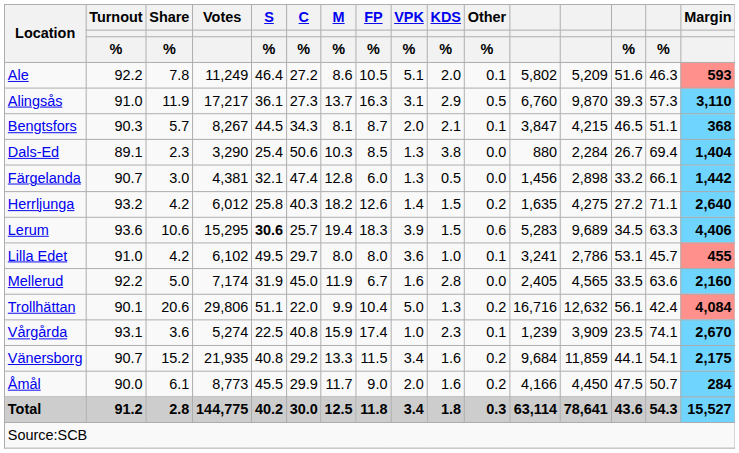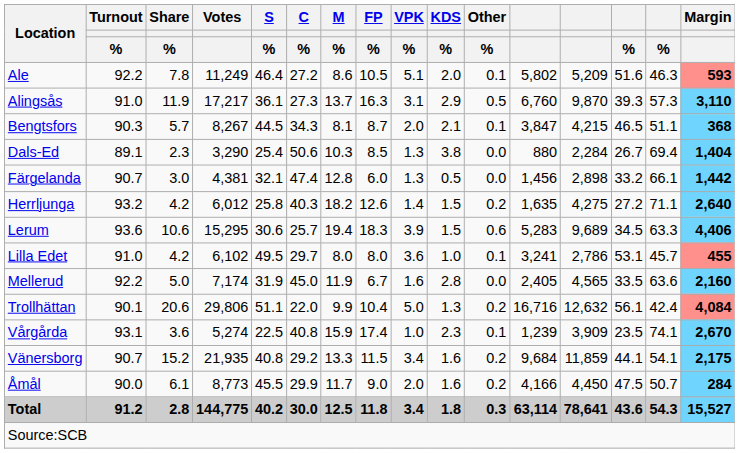 <table class="wikitable sortable" style="text-align:right; font-size:95%; line-height:20px;">
 <tr>
 <th rowspan="3">Location</th>
 <th>Turnout</th>
 <th>Share</th>
 <th>Votes</th>
 <th width="30px" class="unsortable"><a href='#'>S</a></th>
 <th width="30px" class="unsortable"><a href='#'>C</a></th>
 <th width="30px" class="unsortable"><a href='#'>M</a></th>
 <th width="30px" class="unsortable"><a href='#'>FP</a></th>
 <th width="30px" class="unsortable"><a href='#'>VPK</a></th>
 <th width="30px" class="unsortable"><a href='#'>KDS</a></th>
 <th width="30px" class="unsortable">Other</th>
 <th></th>
 <th></th>
 <th></th>
 <th></th>
 <th>Margin</th>
 </tr>
 <tr>
 <th></th>
 <th></th>
 <th></th>
 <th style="background:"></th>
 <th style="background:"></th>
 <th style="background:"></th>
 <th style="background:"></th>
 <th style="background:"></th>
 <th style="background:"></th>
 <th style="background:"></th>
 <th style="background:"></th>
 <th style="background:"></th>
 <th style="background:"></th>
 <th style="background:"></th>
 <th></th>
 </tr>
 <tr>
 <th data-sort-type="number">%</th>
 <th data-sort-type="number">%</th>
 <th></th>
 <th data-sort-type="number">%</th>
 <th data-sort-type="number">%</th>
 <th data-sort-type="number">%</th>
 <th data-sort-type="number">%</th>
 <th data-sort-type="number">%</th>
 <th data-sort-type="number">%</th>
 <th data-sort-type="number">%</th>
 <th data-sort-type="number"></th>
 <th data-sort-type="number"></th>
 <th data-sort-type="number">%</th>
 <th data-sort-type="number">%</th>
 <th data-sort-type="number"></th>
 </tr>
 <tr>
 <td align=left><a href='#'>Ale</a></td>
 <td>92.2</td>
 <td>7.8</td>
 <td>11,249</td>
 <td>46.4</td>
 <td>27.2</td>
 <td>8.6</td>
 <td>10.5</td>
 <td>5.1</td>
 <td>2.0</td>
 <td>0.1</td>
 <td>5,802</td>
 <td>5,209</td>
 <td>51.6</td>
 <td>46.3</td>
 <td bgcolor=#ff908c><strong>593</strong></td>
 </tr>
 <tr>
 <td align=left><a href='#'>Alingsås</a></td>
 <td>91.0</td>
 <td>11.9</td>
 <td>17,217</td>
 <td>36.1</td>
 <td>27.3</td>
 <td>13.7</td>
 <td>16.3</td>
 <td>3.1</td>
 <td>2.9</td>
 <td>0.5</td>
 <td>6,760</td>
 <td>9,870</td>
 <td>39.3</td>
 <td>57.3</td>
 <td bgcolor=#6fd5fe><strong>3,110</strong></td>
 </tr>
 <tr>
 <td align=left><a href='#'>Bengtsfors</a></td>
 <td>90.3</td>
 <td>5.7</td>
 <td>8,267</td>
 <td>44.5</td>
 <td>34.3</td>
 <td>8.1</td>
 <td>8.7</td>
 <td>2.0</td>
 <td>2.1</td>
 <td>0.1</td>
 <td>3,847</td>
 <td>4,215</td>
 <td>46.5</td>
 <td>51.1</td>
 <td bgcolor=#6fd5fe><strong>368</strong></td>
 </tr>
 <tr>
 <td align=left><a href='#'>Dals-Ed</a></td>
 <td>89.1</td>
 <td>2.3</td>
 <td>3,290</td>
 <td>25.4</td>
 <td>50.6</td>
 <td>10.3</td>
 <td>8.5</td>
 <td>1.3</td>
 <td>3.8</td>
 <td>0.0</td>
 <td>880</td>
 <td>2,284</td>
 <td>26.7</td>
 <td>69.4</td>
 <td bgcolor=#6fd5fe><strong>1,404</strong></td>
 </tr>
 <tr>
 <td align=left><a href='#'>Färgelanda</a></td>
 <td>90.7</td>
 <td>3.0</td>
 <td>4,381</td>
 <td>32.1</td>
 <td>47.4</td>
 <td>12.8</td>
 <td>6.0</td>
 <td>1.3</td>
 <td>0.5</td>
 <td>0.0</td>
 <td>1,456</td>
 <td>2,898</td>
 <td>33.2</td>
 <td>66.1</td>
 <td bgcolor=#6fd5fe><strong>1,442</strong></td>
 </tr>
 <tr>
 <td align=left><a href='#'>Herrljunga</a></td>
 <td>93.2</td>
 <td>4.2</td>
 <td>6,012</td>
 <td>25.8</td>
 <td>40.3</td>
 <td>18.2</td>
 <td>12.6</td>
 <td>1.4</td>
 <td>1.5</td>
 <td>0.2</td>
 <td>1,635</td>
 <td>4,275</td>
 <td>27.2</td>
 <td>71.1</td>
 <td bgcolor=#6fd5fe><strong>2,640</strong></td>
 </tr>
 <tr>
 <td align=left><a href='#'>Lerum</a></td>
 <td>93.6</td>
 <td>10.6</td>
 <td>15,295</td>
-<td><strong>30.6</strong></td>
+<td>30.6</td>
 <td>25.7</td>
 <td>19.4</td>
 <td>18.3</td>
 <td>3.9</td>
 <td>1.5</td>
 <td>0.6</td>
 <td>5,283</td>
 <td>9,689</td>
 <td>34.5</td>
 <td>63.3</td>
 <td bgcolor=#6fd5fe><strong>4,406</strong></td>
 </tr>
 <tr>
 <td align=left><a href='#'>Lilla Edet</a></td>
 <td>91.0</td>
 <td>4.2</td>
 <td>6,102</td>
 <td>49.5</td>
 <td>29.7</td>
 <td>8.0</td>
 <td>8.0</td>
 <td>3.6</td>
 <td>1.0</td>
 <td>0.1</td>
 <td>3,241</td>
 <td>2,786</td>
 <td>53.1</td>
 <td>45.7</td>
 <td bgcolor=#ff908c><strong>455</strong></td>
 </tr>
 <tr>
 <td align=left><a href='#'>Mellerud</a></td>
 <td>92.2</td>
 <td>5.0</td>
 <td>7,174</td>
 <td>31.9</td>
 <td>45.0</td>
 <td>11.9</td>
 <td>6.7</td>
 <td>1.6</td>
 <td>2.8</td>
 <td>0.0</td>
 <td>2,405</td>
 <td>4,565</td>
 <td>33.5</td>
 <td>63.6</td>
 <td bgcolor=#6fd5fe><strong>2,160</strong></td>
 </tr>
 <tr>
 <td align=left><a href='#'>Trollhättan</a></td>
 <td>90.1</td>
 <td>20.6</td>
 <td>29,806</td>
 <td>51.1</td>
 <td>22.0</td>
 <td>9.9</td>
 <td>10.4</td>
 <td>5.0</td>
 <td>1.3</td>
 <td>0.2</td>
 <td>16,716</td>
 <td>12,632</td>
 <td>56.1</td>
 <td>42.4</td>
 <td bgcolor=#ff908c><strong>4,084</strong></td>
 </tr>
 <tr>
 <td align=left><a href='#'>Vårgårda</a></td>
 <td>93.1</td>
 <td>3.6</td>
 <td>5,274</td>
 <td>22.5</td>
 <td>40.8</td>
 <td>15.9</td>
 <td>17.4</td>
 <td>1.0</td>
 <td>2.3</td>
 <td>0.1</td>
 <td>1,239</td>
 <td>3,909</td>
 <td>23.5</td>
 <td>74.1</td>
 <td bgcolor=#6fd5fe><strong>2,670</strong></td>
 </tr>
 <tr>
 <td align=left><a href='#'>Vänersborg</a></td>
 <td>90.7</td>
 <td>15.2</td>
 <td>21,935</td>
 <td>40.8</td>
 <td>29.2</td>
 <td>13.3</td>
 <td>11.5</td>
 <td>3.4</td>
 <td>1.6</td>
 <td>0.2</td>
 <td>9,684</td>
 <td>11,859</td>
 <td>44.1</td>
 <td>54.1</td>
 <td bgcolor=#6fd5fe><strong>2,175</strong></td>
 </tr>
 <tr>
 <td align=left><a href='#'>Åmål</a></td>
 <td>90.0</td>
 <td>6.1</td>
 <td>8,773</td>
 <td>45.5</td>
 <td>29.9</td>
 <td>11.7</td>
 <td>9.0</td>
 <td>2.0</td>
 <td>1.6</td>
 <td>0.2</td>
 <td>4,166</td>
 <td>4,450</td>
 <td>47.5</td>
 <td>50.7</td>
 <td bgcolor=#6fd5fe><strong>284</strong></td>
 </tr>
 <tr style="background:#CDCDCD;">
 <td align=left><strong>Total</strong></td>
 <td><strong>91.2</strong></td>
 <td><strong>2.8</strong></td>
 <td><strong>144,775</strong></td>
 <td><strong>40.2</strong></td>
 <td><strong>30.0</strong></td>
 <td><strong>12.5</strong></td>
 <td><strong>11.8</strong></td>
 <td><strong>3.4</strong></td>
 <td><strong>1.8</strong></td>
 <td><strong>0.3</strong></td>
 <td><strong>63,114</strong></td>
 <td><strong>78,641</strong></td>
 <td><strong>43.6</strong></td>
 <td><strong>54.3</strong></td>
 <td bgcolor=#6fd5fe><strong>15,527</strong></td>
 </tr>
 <tr>
 <td align=left colspan=16>Source:SCB </td>
 </tr>
 </table>
